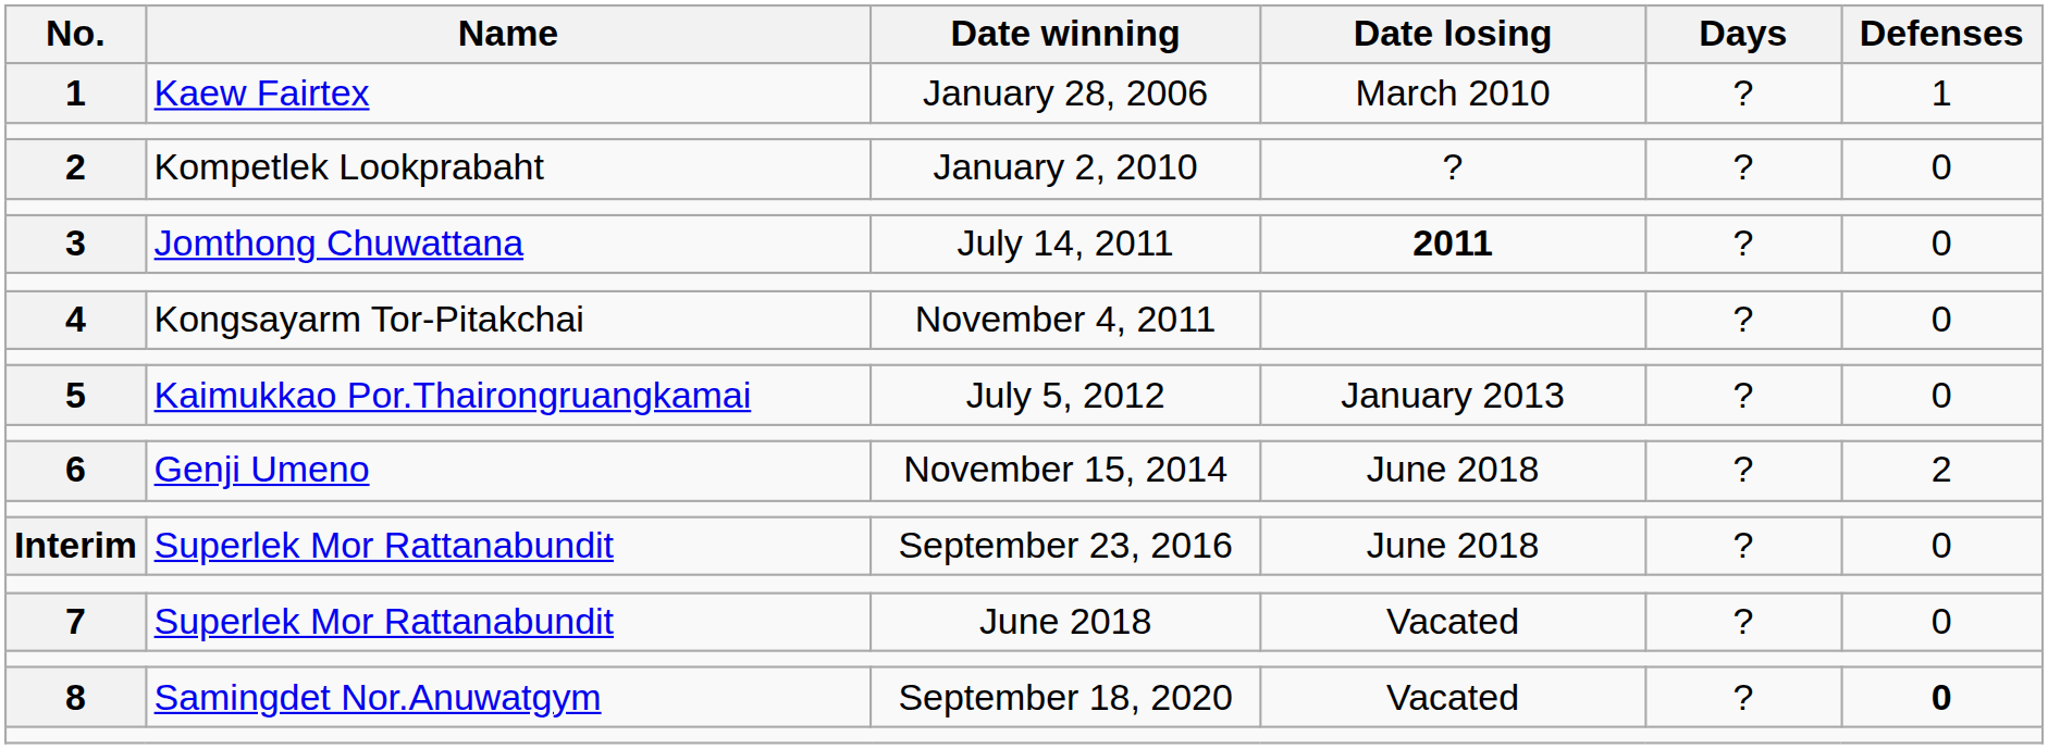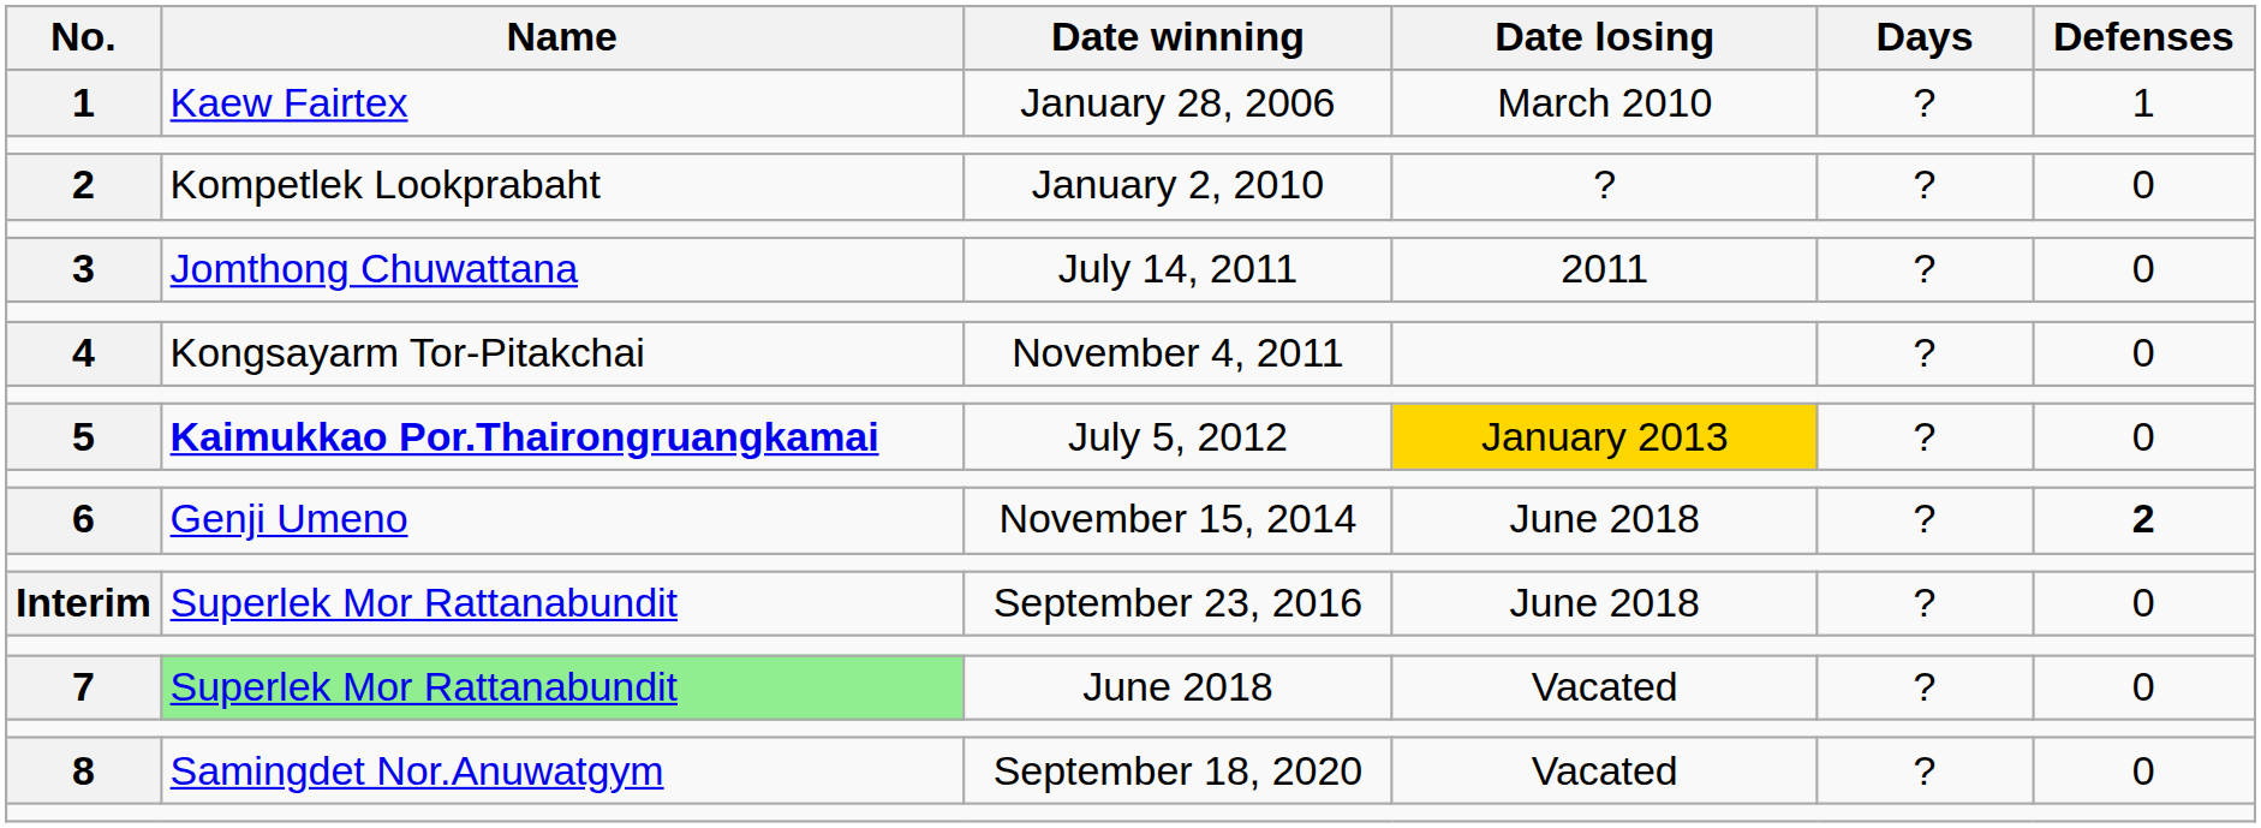 <table class="wikitable" width=100%>
 <tr>
 <th style="width:1%;">No.</th>
 <th style="width:37%;">Name</th>
 <th style="width:20%;">Date winning</th>
 <th style="width:20%;">Date losing</th>
 <th data-sort-type="number" style="width:10%;">Days</th>
 <th data-sort-type="number" style="width:10%;">Defenses</th>
 </tr>
 <tr align=center>
 <th>1</th>
 <td align=left> <a href='#'>Kaew Fairtex</a></td>
 <td>January 28, 2006</td>
 <td>March 2010</td>
 <td>?</td>
 <td>1</td>
 </tr>
 <tr>
 <td colspan="6"></td>
 </tr>
 <tr align=center>
 <th>2</th>
 <td align=left> Kompetlek Lookprabaht</td>
 <td>January 2, 2010</td>
 <td>?</td>
 <td>?</td>
 <td>0</td>
 </tr>
 <tr>
 <td colspan="6"></td>
 </tr>
 <tr align=center>
 <th>3</th>
 <td align=left> <a href='#'>Jomthong Chuwattana</a></td>
 <td>July 14, 2011</td>
-<td><strong>2011</strong></td>
+<td>2011</td>
 <td>?</td>
 <td>0</td>
 </tr>
 <tr>
 <td colspan="6"></td>
 </tr>
 <tr align=center>
 <th>4</th>
 <td align=left> Kongsayarm Tor-Pitakchai</td>
 <td>November 4, 2011</td>
 <td></td>
 <td>?</td>
 <td>0</td>
 </tr>
 <tr>
 <td colspan="6"></td>
 </tr>
 <tr align=center>
 <th>5</th>
-<td align=left> <a href='#'>Kaimukkao Por.Thairongruangkamai</a></td>
+<td align=left><strong> <a href='#'>Kaimukkao Por.Thairongruangkamai</a></strong></td>
 <td>July 5, 2012</td>
-<td>January 2013</td>
+<td style="background: gold;">January 2013</td>
 <td>?</td>
 <td>0</td>
 </tr>
 <tr>
 <td colspan="6"></td>
 </tr>
 <tr align=center>
 <th>6</th>
 <td align=left> <a href='#'>Genji Umeno</a></td>
 <td>November 15, 2014</td>
 <td>June 2018</td>
 <td>?</td>
-<td>2</td>
+<td><strong>2</strong></td>
 </tr>
 <tr>
 <td colspan="6"></td>
 </tr>
 <tr align=center>
 <th>Interim</th>
 <td align=left> <a href='#'>Superlek Mor Rattanabundit</a></td>
 <td>September 23, 2016</td>
 <td>June 2018</td>
 <td>?</td>
 <td>0</td>
 </tr>
 <tr>
 <td colspan="6"></td>
 </tr>
 <tr align=center>
 <th>7</th>
-<td align=left> <a href='#'>Superlek Mor Rattanabundit</a></td>
+<td align=left style="background: lightgreen;"> <a href='#'>Superlek Mor Rattanabundit</a></td>
 <td>June 2018</td>
 <td>Vacated</td>
 <td>?</td>
 <td>0</td>
 </tr>
 <tr>
 <td colspan="6"></td>
 </tr>
 <tr align=center>
 <th>8</th>
 <td align=left> <a href='#'>Samingdet Nor.Anuwatgym</a></td>
 <td>September 18, 2020</td>
 <td>Vacated</td>
 <td>?</td>
-<td><strong>0</strong></td>
+<td>0</td>
 </tr>
 <tr>
 <td colspan="6"></td>
 </tr>
 </table>
